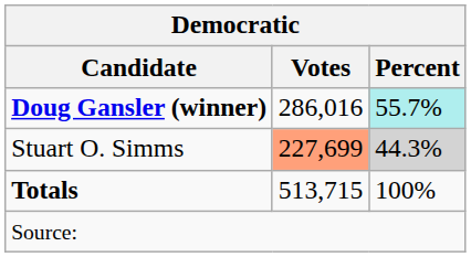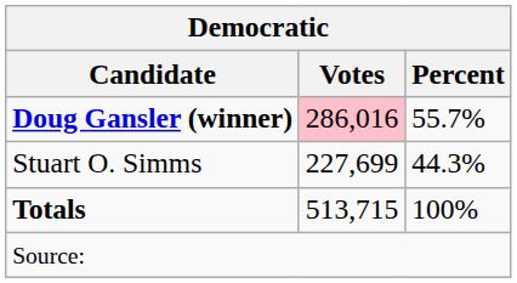 <table class="wikitable">
 <tr>
 <th colspan=3>Democratic</th>
 </tr>
 <tr>
 <th>Candidate</th>
 <th>Votes</th>
 <th>Percent</th>
 </tr>
 <tr>
 <td><strong><a href='#'>Doug Gansler</a> (winner)</strong></td>
-<td>286,016</td>
-<td style="background: paleturquoise;">55.7%</td>
+<td style="background: pink;">286,016</td>
+<td>55.7%</td>
 </tr>
 <tr>
 <td>Stuart O. Simms</td>
-<td style="background: lightsalmon;">227,699</td>
-<td style="background: lightgrey;">44.3%</td>
+<td>227,699</td>
+<td>44.3%</td>
 </tr>
 <tr>
 <td><strong>Totals</strong></td>
 <td>513,715</td>
 <td>100%</td>
 </tr>
 <tr>
 <td colspan=6><small>Source: </small></td>
 </tr>
 </table>
